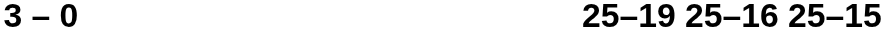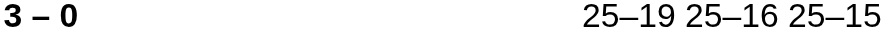 <table width=100% cellspacing=1>
 <tr>
 <th width=20%></th>
 <th width=12%></th>
 <th width=20%></th>
 <th width=33%></th>
 <td></td>
 </tr>
 <tr style=font-size:90%>
 <td align=right><strong></strong></td>
 <td align=center><strong>3 – 0</strong></td>
 <td></td>
-<td><strong>25–19 25–16 25–15</strong></td>
+<td>25–19 25–16 25–15</td>
 </tr>
 </table>
